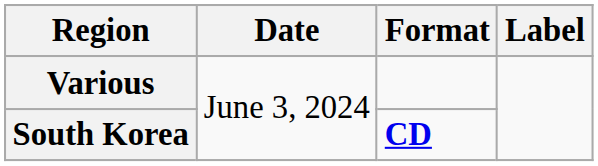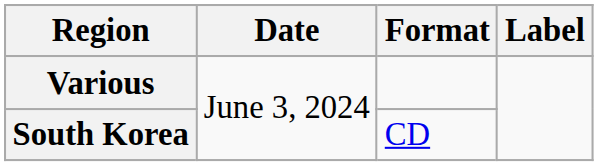 <table class="wikitable plainrowheaders">
 <tr>
 <th scope="col">Region</th>
 <th scope="col">Date</th>
 <th scope="col">Format</th>
 <th scope="col">Label</th>
 </tr>
 <tr>
 <th scope="row">Various</th>
 <td rowspan="2">June 3, 2024</td>
 <td></td>
 <td rowspan="2"></td>
 </tr>
 <tr>
 <th scope="row">South Korea</th>
-<td><strong><a href='#'>CD</a></strong></td>
+<td><a href='#'>CD</a></td>
 </tr>
 </table>
